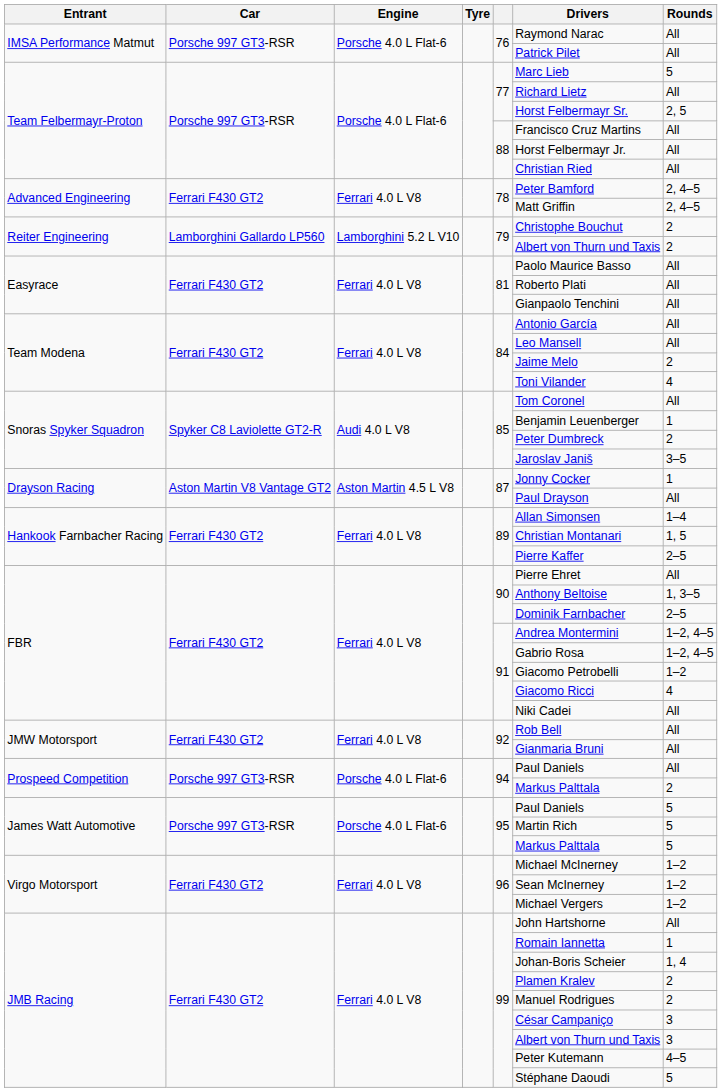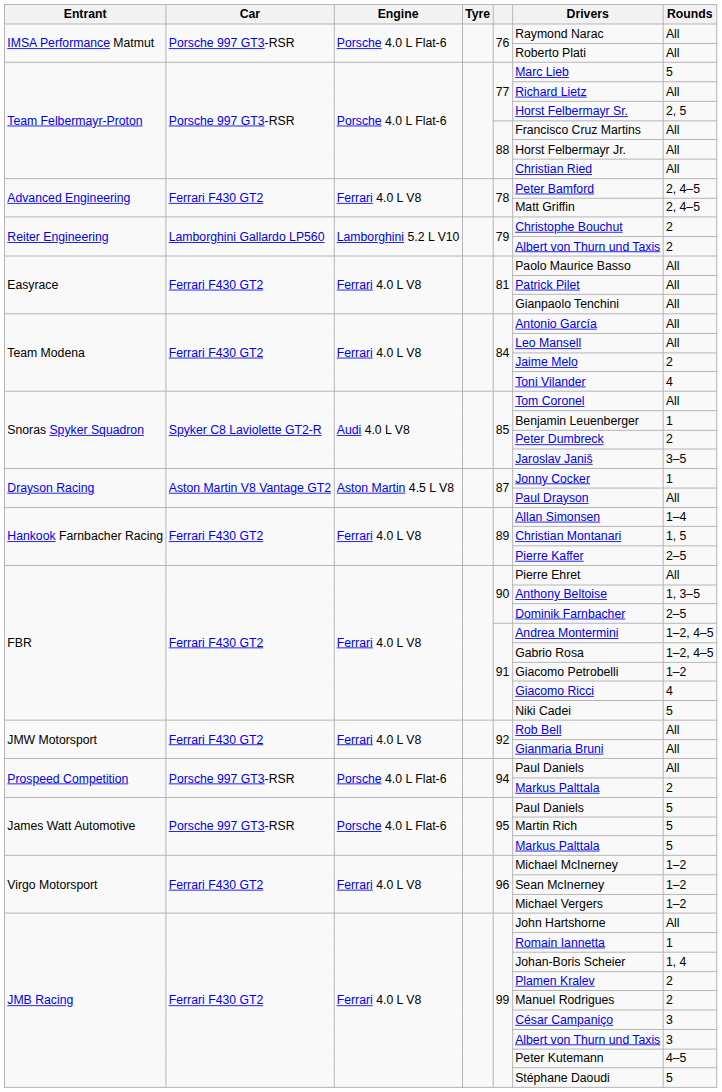 <table class="wikitable" style="font-size: 90%">
 <tr>
 <th>Entrant</th>
 <th>Car</th>
 <th>Engine</th>
 <th>Tyre</th>
 <th></th>
 <th>Drivers</th>
 <th>Rounds</th>
 </tr>
 <tr>
 <td rowspan=2> <a href='#'>IMSA Performance</a> Matmut</td>
 <td rowspan=2><a href='#'>Porsche 997 GT3</a>-RSR</td>
 <td rowspan=2><a href='#'>Porsche</a> 4.0 L Flat-6</td>
 <td rowspan=2></td>
 <td rowspan=2>76</td>
 <td> Raymond Narac</td>
 <td>All</td>
 </tr>
 <tr>
-<td> <a href='#'>Patrick Pilet</a></td>
+<td> Roberto Plati</td>
 <td>All</td>
 </tr>
 <tr>
 <td rowspan=6> <a href='#'>Team Felbermayr-Proton</a></td>
 <td rowspan=6><a href='#'>Porsche 997 GT3</a>-RSR</td>
 <td rowspan=6><a href='#'>Porsche</a> 4.0 L Flat-6</td>
 <td rowspan=6></td>
 <td rowspan=3>77</td>
 <td> <a href='#'>Marc Lieb</a></td>
 <td>5</td>
 </tr>
 <tr>
 <td> <a href='#'>Richard Lietz</a></td>
 <td>All</td>
 </tr>
 <tr>
 <td> <a href='#'>Horst Felbermayr Sr.</a></td>
 <td>2, 5</td>
 </tr>
 <tr>
 <td rowspan=3>88</td>
 <td> Francisco Cruz Martins</td>
 <td>All</td>
 </tr>
 <tr>
 <td> Horst Felbermayr Jr.</td>
 <td>All</td>
 </tr>
 <tr>
 <td> <a href='#'>Christian Ried</a></td>
 <td>All</td>
 </tr>
 <tr>
 <td rowspan=2> <a href='#'>Advanced Engineering</a></td>
 <td rowspan=2><a href='#'>Ferrari F430 GT2</a></td>
 <td rowspan=2><a href='#'>Ferrari</a> 4.0 L V8</td>
 <td rowspan=2></td>
 <td rowspan=2>78</td>
 <td> <a href='#'>Peter Bamford</a></td>
 <td>2, 4–5</td>
 </tr>
 <tr>
 <td> Matt Griffin</td>
 <td>2, 4–5</td>
 </tr>
 <tr>
 <td rowspan=2> <a href='#'>Reiter Engineering</a></td>
 <td rowspan=2><a href='#'>Lamborghini Gallardo LP560</a></td>
 <td rowspan=2><a href='#'>Lamborghini</a> 5.2 L V10</td>
 <td rowspan=2></td>
 <td rowspan=2>79</td>
 <td> <a href='#'>Christophe Bouchut</a></td>
 <td>2</td>
 </tr>
 <tr>
 <td> <a href='#'>Albert von Thurn und Taxis</a></td>
 <td>2</td>
 </tr>
 <tr>
 <td rowspan=3> Easyrace</td>
 <td rowspan=3><a href='#'>Ferrari F430 GT2</a></td>
 <td rowspan=3><a href='#'>Ferrari</a> 4.0 L V8</td>
 <td rowspan=3></td>
 <td rowspan=3>81</td>
 <td> Paolo Maurice Basso</td>
 <td>All</td>
 </tr>
 <tr>
-<td> Roberto Plati</td>
+<td> <a href='#'>Patrick Pilet</a></td>
 <td>All</td>
 </tr>
 <tr>
 <td> Gianpaolo Tenchini</td>
 <td>All</td>
 </tr>
 <tr>
 <td rowspan=4> Team Modena</td>
 <td rowspan=4><a href='#'>Ferrari F430 GT2</a></td>
 <td rowspan=4><a href='#'>Ferrari</a> 4.0 L V8</td>
 <td rowspan=4></td>
 <td rowspan=4>84</td>
 <td> <a href='#'>Antonio García</a></td>
 <td>All</td>
 </tr>
 <tr>
 <td> <a href='#'>Leo Mansell</a></td>
 <td>All</td>
 </tr>
 <tr>
 <td> <a href='#'>Jaime Melo</a></td>
 <td>2</td>
 </tr>
 <tr>
 <td> <a href='#'>Toni Vilander</a></td>
 <td>4</td>
 </tr>
 <tr>
 <td rowspan=4> Snoras <a href='#'>Spyker Squadron</a></td>
 <td rowspan=4><a href='#'>Spyker C8 Laviolette GT2-R</a></td>
 <td rowspan=4><a href='#'>Audi</a> 4.0 L V8</td>
 <td rowspan=4></td>
 <td rowspan=4>85</td>
 <td> <a href='#'>Tom Coronel</a></td>
 <td>All</td>
 </tr>
 <tr>
 <td> Benjamin Leuenberger</td>
 <td>1</td>
 </tr>
 <tr>
 <td> <a href='#'>Peter Dumbreck</a></td>
 <td>2</td>
 </tr>
 <tr>
 <td> <a href='#'>Jaroslav Janiš</a></td>
 <td>3–5</td>
 </tr>
 <tr>
 <td rowspan=2> <a href='#'>Drayson Racing</a></td>
 <td rowspan=2><a href='#'>Aston Martin V8 Vantage GT2</a></td>
 <td rowspan=2><a href='#'>Aston Martin</a> 4.5 L V8</td>
 <td rowspan=2></td>
 <td rowspan=2>87</td>
 <td> <a href='#'>Jonny Cocker</a></td>
 <td>1</td>
 </tr>
 <tr>
 <td> <a href='#'>Paul Drayson</a></td>
 <td>All</td>
 </tr>
 <tr>
 <td rowspan=3> <a href='#'>Hankook</a> Farnbacher Racing</td>
 <td rowspan=3><a href='#'>Ferrari F430 GT2</a></td>
 <td rowspan=3><a href='#'>Ferrari</a> 4.0 L V8</td>
 <td rowspan=3></td>
 <td rowspan=3>89</td>
 <td> <a href='#'>Allan Simonsen</a></td>
 <td>1–4</td>
 </tr>
 <tr>
 <td> <a href='#'>Christian Montanari</a></td>
 <td>1, 5</td>
 </tr>
 <tr>
 <td> <a href='#'>Pierre Kaffer</a></td>
 <td>2–5</td>
 </tr>
 <tr>
 <td rowspan=8> FBR</td>
 <td rowspan=8><a href='#'>Ferrari F430 GT2</a></td>
 <td rowspan=8><a href='#'>Ferrari</a> 4.0 L V8</td>
 <td rowspan=8></td>
 <td rowspan=3>90</td>
 <td> Pierre Ehret</td>
 <td>All</td>
 </tr>
 <tr>
 <td> <a href='#'>Anthony Beltoise</a></td>
 <td>1, 3–5</td>
 </tr>
 <tr>
 <td> <a href='#'>Dominik Farnbacher</a></td>
 <td>2–5</td>
 </tr>
 <tr>
 <td rowspan=5>91</td>
 <td> <a href='#'>Andrea Montermini</a></td>
 <td>1–2, 4–5</td>
 </tr>
 <tr>
 <td> Gabrio Rosa</td>
 <td>1–2, 4–5</td>
 </tr>
 <tr>
 <td> Giacomo Petrobelli</td>
 <td>1–2</td>
 </tr>
 <tr>
 <td> <a href='#'>Giacomo Ricci</a></td>
 <td>4</td>
 </tr>
 <tr>
 <td> Niki Cadei</td>
-<td>All</td>
+<td>5</td>
 </tr>
 <tr>
 <td rowspan=2> JMW Motorsport</td>
 <td rowspan=2><a href='#'>Ferrari F430 GT2</a></td>
 <td rowspan=2><a href='#'>Ferrari</a> 4.0 L V8</td>
 <td rowspan=2></td>
 <td rowspan=2>92</td>
 <td> <a href='#'>Rob Bell</a></td>
 <td>All</td>
 </tr>
 <tr>
 <td> <a href='#'>Gianmaria Bruni</a></td>
 <td>All</td>
 </tr>
 <tr>
 <td rowspan=2> <a href='#'>Prospeed Competition</a></td>
 <td rowspan=2><a href='#'>Porsche 997 GT3</a>-RSR</td>
 <td rowspan=2><a href='#'>Porsche</a> 4.0 L Flat-6</td>
 <td rowspan=2></td>
 <td rowspan=2>94</td>
 <td> Paul Daniels</td>
 <td>All</td>
 </tr>
 <tr>
 <td> <a href='#'>Markus Palttala</a></td>
 <td>2</td>
 </tr>
 <tr>
 <td rowspan=3> James Watt Automotive</td>
 <td rowspan=3><a href='#'>Porsche 997 GT3</a>-RSR</td>
 <td rowspan=3><a href='#'>Porsche</a> 4.0 L Flat-6</td>
 <td rowspan=3></td>
 <td rowspan=3>95</td>
 <td> Paul Daniels</td>
 <td>5</td>
 </tr>
 <tr>
 <td> Martin Rich</td>
 <td>5</td>
 </tr>
 <tr>
 <td> <a href='#'>Markus Palttala</a></td>
 <td>5</td>
 </tr>
 <tr>
 <td rowspan=3> Virgo Motorsport</td>
 <td rowspan=3><a href='#'>Ferrari F430 GT2</a></td>
 <td rowspan=3><a href='#'>Ferrari</a> 4.0 L V8</td>
 <td rowspan=3></td>
 <td rowspan=3>96</td>
 <td> Michael McInerney</td>
 <td>1–2</td>
 </tr>
 <tr>
 <td> Sean McInerney</td>
 <td>1–2</td>
 </tr>
 <tr>
 <td> Michael Vergers</td>
 <td>1–2</td>
 </tr>
 <tr>
 <td rowspan=9> <a href='#'>JMB Racing</a></td>
 <td rowspan=9><a href='#'>Ferrari F430 GT2</a></td>
 <td rowspan=9><a href='#'>Ferrari</a> 4.0 L V8</td>
 <td rowspan=9></td>
 <td rowspan=9>99</td>
 <td> John Hartshorne</td>
 <td>All</td>
 </tr>
 <tr>
 <td> <a href='#'>Romain Iannetta</a></td>
 <td>1</td>
 </tr>
 <tr>
 <td> Johan-Boris Scheier</td>
 <td>1, 4</td>
 </tr>
 <tr>
 <td> <a href='#'>Plamen Kralev</a></td>
 <td>2</td>
 </tr>
 <tr>
 <td> Manuel Rodrigues</td>
 <td>2</td>
 </tr>
 <tr>
 <td> <a href='#'>César Campaniço</a></td>
 <td>3</td>
 </tr>
 <tr>
 <td> <a href='#'>Albert von Thurn und Taxis</a></td>
 <td>3</td>
 </tr>
 <tr>
 <td> Peter Kutemann</td>
 <td>4–5</td>
 </tr>
 <tr>
 <td> Stéphane Daoudi</td>
 <td>5</td>
 </tr>
 </table>
